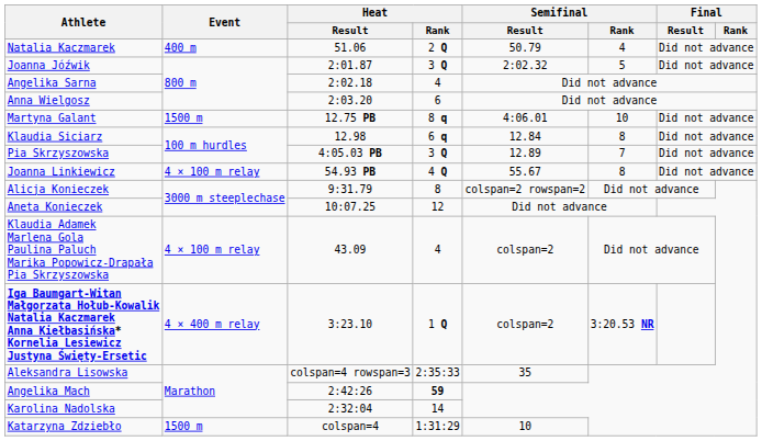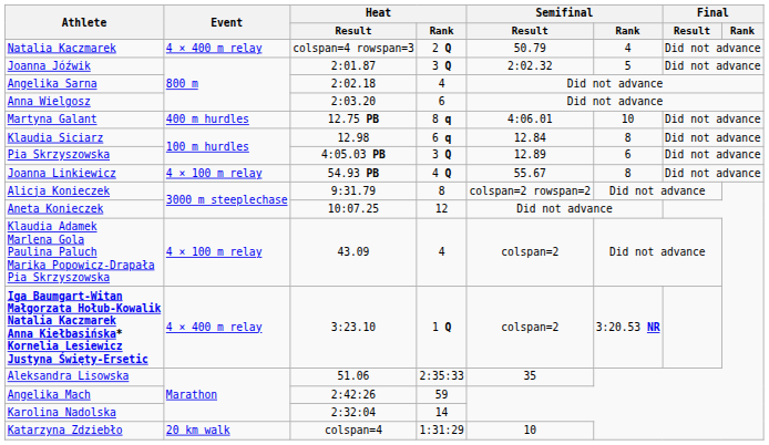 <table class="wikitable" style="text-align:center; font-size:90%">
 <tr>
 <th rowspan=2>Athlete</th>
 <th rowspan=2>Event</th>
 <th colspan=2>Heat</th>
 <th colspan=2>Semifinal</th>
 <th colspan=2>Final</th>
 </tr>
 <tr style="font-size:95%">
 <th>Result</th>
 <th>Rank</th>
 <th>Result</th>
 <th>Rank</th>
 <th>Result</th>
 <th>Rank</th>
 </tr>
 <tr>
 <td align=left><a href='#'>Natalia Kaczmarek</a></td>
-<td align=left><a href='#'>400 m</a></td>
-<td>51.06</td>
+<td align=left><a href='#'>4 × 400 m relay</a></td>
+<td>colspan=4 rowspan=3 </td>
 <td>2 <strong>Q</strong></td>
 <td>50.79</td>
 <td>4</td>
 <td colspan=2>Did not advance</td>
 </tr>
 <tr>
 <td align=left><a href='#'>Joanna Jóźwik</a></td>
 <td align=left rowspan=3><a href='#'>800 m</a></td>
 <td>2:01.87</td>
 <td>3 <strong>Q</strong></td>
 <td>2:02.32</td>
 <td>5</td>
 <td colspan=2>Did not advance</td>
 </tr>
 <tr>
 <td align=left><a href='#'>Angelika Sarna</a></td>
 <td>2:02.18</td>
 <td>4</td>
 <td colspan=4>Did not advance</td>
 </tr>
 <tr>
 <td align=left><a href='#'>Anna Wielgosz</a></td>
 <td>2:03.20</td>
 <td>6</td>
 <td colspan=4>Did not advance</td>
 </tr>
 <tr>
 <td align=left><a href='#'>Martyna Galant</a></td>
-<td align=left><a href='#'>1500 m</a></td>
+<td align=left><a href='#'>400 m hurdles</a></td>
 <td>12.75 <strong>PB</strong></td>
 <td>8 <strong>q</strong></td>
 <td>4:06.01</td>
 <td>10</td>
 <td colspan=2>Did not advance</td>
 </tr>
 <tr>
 <td align=left><a href='#'>Klaudia Siciarz</a></td>
 <td align=left rowspan=2><a href='#'>100 m hurdles</a></td>
 <td>12.98</td>
 <td>6 <strong>q</strong></td>
 <td>12.84</td>
 <td>8</td>
 <td colspan=2>Did not advance</td>
 </tr>
 <tr>
 <td align=left><a href='#'>Pia Skrzyszowska</a></td>
 <td>4:05.03 <strong>PB</strong></td>
 <td>3 <strong>Q</strong></td>
 <td>12.89</td>
-<td>7</td>
+<td>6</td>
 <td colspan=2>Did not advance</td>
 </tr>
 <tr>
 <td align=left><a href='#'>Joanna Linkiewicz</a></td>
 <td align=left><a href='#'>4 × 100 m relay</a></td>
 <td>54.93 <strong>PB</strong></td>
 <td>4 <strong>Q</strong></td>
 <td>55.67</td>
 <td>8</td>
 <td colspan=2>Did not advance</td>
 </tr>
 <tr>
 <td align=left><a href='#'>Alicja Konieczek</a></td>
 <td align=left rowspan=2><a href='#'>3000 m steeplechase</a></td>
 <td>9:31.79</td>
 <td>8</td>
 <td>colspan=2 rowspan=2 </td>
 <td colspan=2>Did not advance</td>
 </tr>
 <tr>
 <td align=left><a href='#'>Aneta Konieczek</a></td>
 <td>10:07.25</td>
 <td>12</td>
 <td colspan=2>Did not advance</td>
 </tr>
 <tr>
 <td align=left><a href='#'>Klaudia Adamek</a><br><a href='#'>Marlena Gola</a><br><a href='#'>Paulina Paluch</a><br><a href='#'>Marika Popowicz-Drapała</a><br><a href='#'>Pia Skrzyszowska</a></td>
 <td align=left><a href='#'>4 × 100 m relay</a></td>
 <td>43.09</td>
 <td>4</td>
 <td>colspan=2 </td>
 <td colspan=2>Did not advance</td>
 </tr>
 <tr>
 <td align=left><strong><a href='#'>Iga Baumgart-Witan</a><br><a href='#'>Małgorzata Hołub-Kowalik</a><br><a href='#'>Natalia Kaczmarek</a><br><a href='#'>Anna Kiełbasińska</a>*<br><a href='#'>Kornelia Lesiewicz</a><br><a href='#'>Justyna Święty-Ersetic</a></strong></td>
 <td align=left><a href='#'>4 × 400 m relay</a></td>
 <td>3:23.10</td>
 <td>1 <strong>Q</strong></td>
 <td>colspan=2 </td>
 <td>3:20.53 <strong><a href='#'>NR</a></strong></td>
 <td></td>
 </tr>
 <tr>
 <td align=left><a href='#'>Aleksandra Lisowska</a></td>
 <td align=left rowspan=3><a href='#'>Marathon</a></td>
-<td>colspan=4 rowspan=3 </td>
+<td>51.06</td>
 <td>2:35:33</td>
 <td>35</td>
 </tr>
 <tr>
 <td align=left><a href='#'>Angelika Mach</a></td>
 <td>2:42:26</td>
-<td><strong>59</strong></td>
+<td>59</td>
 </tr>
 <tr>
 <td align=left><a href='#'>Karolina Nadolska</a></td>
 <td>2:32:04</td>
 <td>14</td>
 </tr>
 <tr>
 <td align=left><a href='#'>Katarzyna Zdziebło</a></td>
-<td align=left><a href='#'>1500 m</a></td>
+<td align=left><a href='#'>20 km walk</a></td>
 <td>colspan=4 </td>
 <td>1:31:29</td>
 <td>10</td>
 </tr>
 </table>
